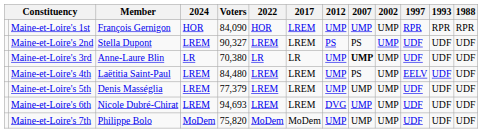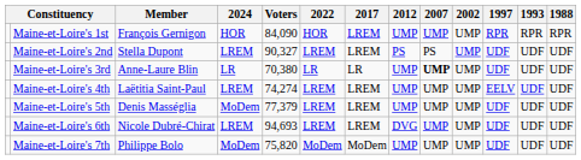 <table class="wikitable sortable">
 <tr>
 <th colspan="2">Constituency</th>
 <th>Member</th>
 <th>2024</th>
 <th>Voters</th>
 <th>2022</th>
 <th>2017</th>
 <th>2012</th>
 <th>2007</th>
 <th>2002</th>
 <th>1997</th>
 <th>1993</th>
 <th>1988</th>
 </tr>
 <tr>
 <td style="background-color: "></td>
 <td><a href='#'>Maine-et-Loire's 1st</a></td>
 <td><a href='#'>François Gernigon</a></td>
 <td><a href='#'>HOR</a></td>
 <td>84,090</td>
 <td><a href='#'>HOR</a></td>
 <td><a href='#'>LREM</a></td>
 <td><a href='#'>UMP</a></td>
 <td><a href='#'>UMP</a></td>
 <td>UMP</td>
 <td><a href='#'>RPR</a></td>
 <td>RPR</td>
 <td>RPR</td>
 </tr>
 <tr>
 <td style="background-color: "></td>
 <td><a href='#'>Maine-et-Loire's 2nd</a></td>
 <td><a href='#'>Stella Dupont</a></td>
 <td><a href='#'>LREM</a></td>
 <td>90,327</td>
 <td><a href='#'>LREM</a></td>
 <td>LREM</td>
 <td><a href='#'>PS</a></td>
 <td>PS</td>
 <td><a href='#'>UMP</a></td>
 <td><a href='#'>UDF</a></td>
 <td>UDF</td>
 <td>UDF</td>
 </tr>
 <tr>
 <td style="background-color: "></td>
 <td><a href='#'>Maine-et-Loire's 3rd</a></td>
 <td><a href='#'>Anne-Laure Blin</a></td>
 <td><a href='#'>LR</a></td>
 <td>70,380</td>
 <td><a href='#'>LR</a></td>
 <td>LR</td>
 <td><a href='#'>UMP</a></td>
 <td><strong>UMP</strong></td>
 <td>UMP</td>
 <td><a href='#'>UDF</a></td>
 <td>UDF</td>
 <td>UDF</td>
 </tr>
 <tr>
 <td style="background-color: "></td>
 <td><a href='#'>Maine-et-Loire's 4th</a></td>
 <td><a href='#'>Laëtitia Saint-Paul</a></td>
 <td><a href='#'>LREM</a></td>
-<td>84,480</td>
+<td>74,274</td>
 <td><a href='#'>LREM</a></td>
 <td>LREM</td>
 <td><a href='#'>UMP</a></td>
-<td>PS</td>
+<td>UMP</td>
 <td>UMP</td>
 <td><a href='#'>EELV</a></td>
 <td><a href='#'>UDF</a></td>
 <td>UDF</td>
 </tr>
 <tr>
 <td style="background-color: "></td>
 <td><a href='#'>Maine-et-Loire's 5th</a></td>
 <td><a href='#'>Denis Masséglia</a></td>
-<td><a href='#'>LREM</a></td>
+<td><a href='#'>MoDem</a></td>
 <td>77,379</td>
 <td><a href='#'>LREM</a></td>
 <td>LREM</td>
 <td><a href='#'>UMP</a></td>
 <td>UMP</td>
 <td>UMP</td>
 <td><a href='#'>UDF</a></td>
 <td>UDF</td>
 <td>UDF</td>
 </tr>
 <tr>
 <td style="background-color: "></td>
 <td><a href='#'>Maine-et-Loire's 6th</a></td>
 <td><a href='#'>Nicole Dubré-Chirat</a></td>
 <td><a href='#'>LREM</a></td>
 <td>94,693</td>
 <td><a href='#'>LREM</a></td>
 <td>LREM</td>
 <td><a href='#'>DVG</a></td>
 <td><a href='#'>UMP</a></td>
 <td>UMP</td>
 <td><a href='#'>UDF</a></td>
 <td>UDF</td>
 <td>UDF</td>
 </tr>
 <tr>
 <td style="background-color: "></td>
 <td><a href='#'>Maine-et-Loire's 7th</a></td>
 <td><a href='#'>Philippe Bolo</a></td>
 <td><a href='#'>MoDem</a></td>
 <td>75,820</td>
 <td><a href='#'>MoDem</a></td>
 <td>MoDem</td>
 <td><a href='#'>UMP</a></td>
 <td>UMP</td>
 <td>UMP</td>
 <td><a href='#'>UDF</a></td>
 <td>UDF</td>
 <td>UDF</td>
 </tr>
 </table>
